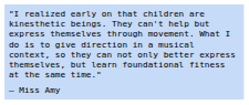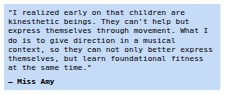 <table class="toccolours" style="float: right; margin-left: 1em; margin-right: 2em; font-size: 85%; background:#c6dbf7; color:black; width:28em; max-width: 40%;" cellspacing="5">
 <tr>
 <td style="text-align: left;">"I realized early on that children are kinesthetic beings. They can't help but express themselves through movement. What I do is to give direction in a musical context, so they can not only better express themselves, but learn foundational fitness at the same time."</td>
 </tr>
 <tr>
-<td style="text-align: left;">— Miss Amy</td>
+<td style="text-align: left;"><strong>— Miss Amy</strong></td>
 </tr>
 </table>
